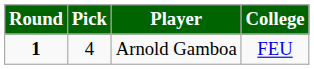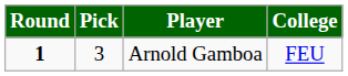 <table class="wikitable sortable sortable">
 <tr>
 <th style="background:#006401; color:#FFFFFF; ">Round</th>
 <th style="background:#006401; color:#FFFFFF; ">Pick</th>
 <th style="background:#006401; color:#FFFFFF; ">Player</th>
 <th style="background:#006401; color:#FFFFFF; ">College</th>
 </tr>
 <tr style="text-align: center">
 <td align="center"><strong>1</strong></td>
-<td align="center">4</td>
+<td align="center">3</td>
 <td>Arnold Gamboa</td>
 <td><a href='#'>FEU</a></td>
 </tr>
 </table>
